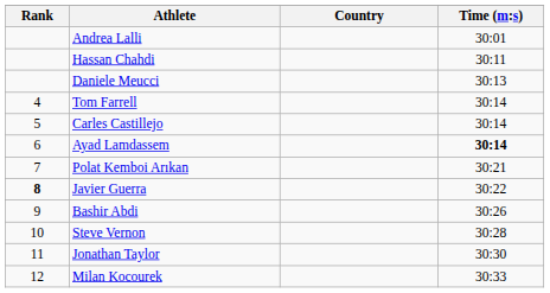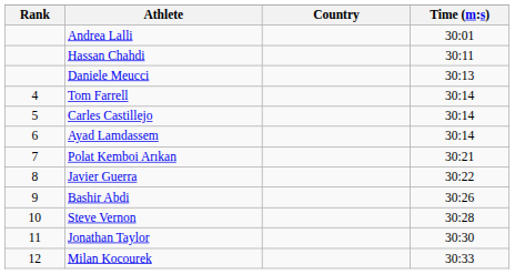 <table class="wikitable" style="width:50%;">
 <tr>
 </tr>
 <tr>
 <th width=5%>Rank</th>
 <th width=20%>Athlete</th>
 <th width=15%>Country</th>
 <th width=10%>Time (<a href='#'>m</a>:<a href='#'>s</a>)</th>
 </tr>
 <tr style="text-align:center;">
 <td></td>
 <td style="text-align:left;"><a href='#'>Andrea Lalli</a></td>
 <td style="text-align:left;"></td>
 <td>30:01</td>
 </tr>
 <tr style="text-align:center;">
 <td></td>
 <td style="text-align:left;"><a href='#'>Hassan Chahdi</a></td>
 <td style="text-align:left;"></td>
 <td>30:11</td>
 </tr>
 <tr style="text-align:center;">
 <td></td>
 <td style="text-align:left;"><a href='#'>Daniele Meucci</a></td>
 <td style="text-align:left;"></td>
 <td>30:13</td>
 </tr>
 <tr style="text-align:center;">
 <td>4</td>
 <td style="text-align:left;"><a href='#'>Tom Farrell</a></td>
 <td style="text-align:left;"></td>
 <td>30:14</td>
 </tr>
 <tr style="text-align:center;">
 <td>5</td>
 <td style="text-align:left;"><a href='#'>Carles Castillejo</a></td>
 <td style="text-align:left;"></td>
 <td>30:14</td>
 </tr>
 <tr style="text-align:center;">
 <td>6</td>
 <td style="text-align:left;"><a href='#'>Ayad Lamdassem</a></td>
 <td style="text-align:left;"></td>
-<td><strong>30:14</strong></td>
+<td>30:14</td>
 </tr>
 <tr style="text-align:center;">
 <td>7</td>
 <td style="text-align:left;"><a href='#'>Polat Kemboi Arıkan</a></td>
 <td style="text-align:left;"></td>
 <td>30:21</td>
 </tr>
 <tr style="text-align:center;">
-<td><strong>8</strong></td>
+<td>8</td>
 <td style="text-align:left;"><a href='#'>Javier Guerra</a></td>
 <td style="text-align:left;"></td>
 <td>30:22</td>
 </tr>
 <tr style="text-align:center;">
 <td>9</td>
 <td style="text-align:left;"><a href='#'>Bashir Abdi</a></td>
 <td style="text-align:left;"></td>
 <td>30:26</td>
 </tr>
 <tr style="text-align:center;">
 <td>10</td>
 <td style="text-align:left;"><a href='#'>Steve Vernon</a></td>
 <td style="text-align:left;"></td>
 <td>30:28</td>
 </tr>
 <tr style="text-align:center;">
 <td>11</td>
 <td style="text-align:left;"><a href='#'>Jonathan Taylor</a></td>
 <td style="text-align:left;"></td>
 <td>30:30</td>
 </tr>
 <tr style="text-align:center;">
 <td>12</td>
 <td style="text-align:left;"><a href='#'>Milan Kocourek</a></td>
 <td style="text-align:left;"></td>
 <td>30:33</td>
 </tr>
 </table>
